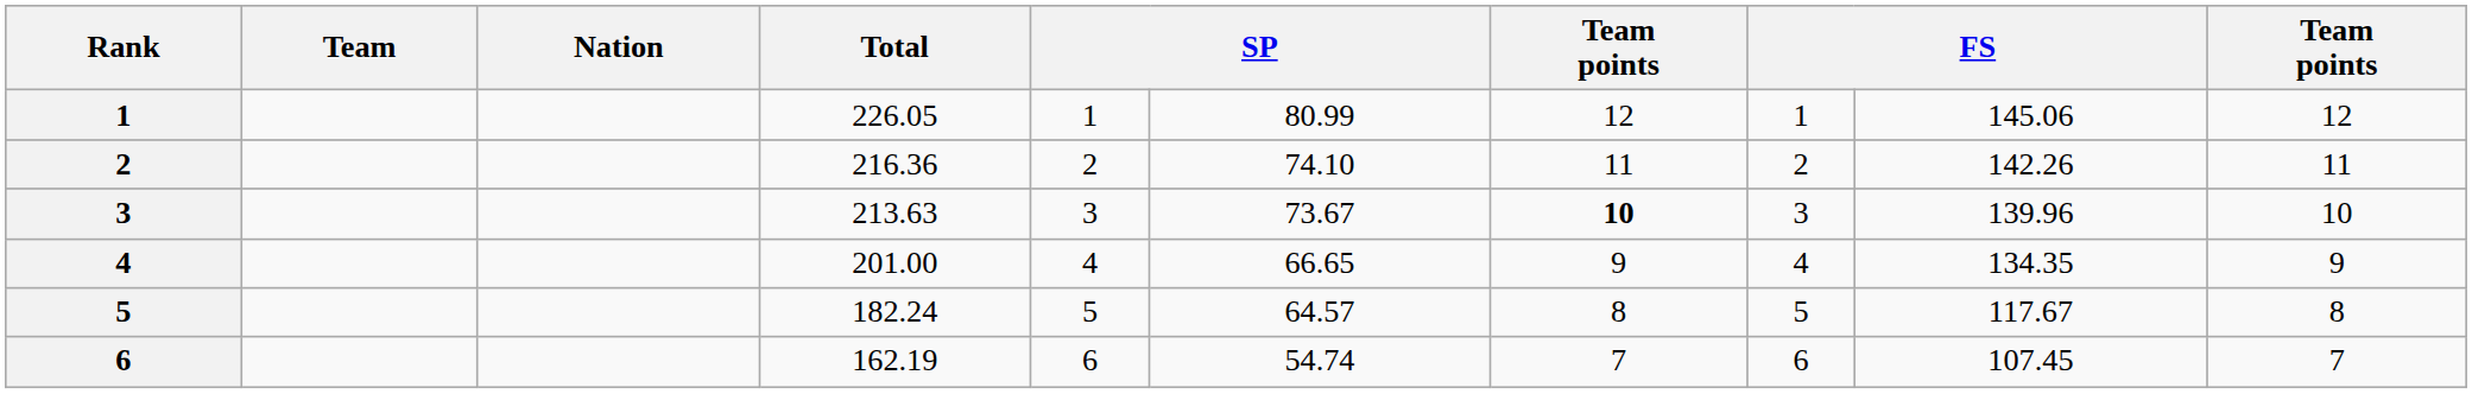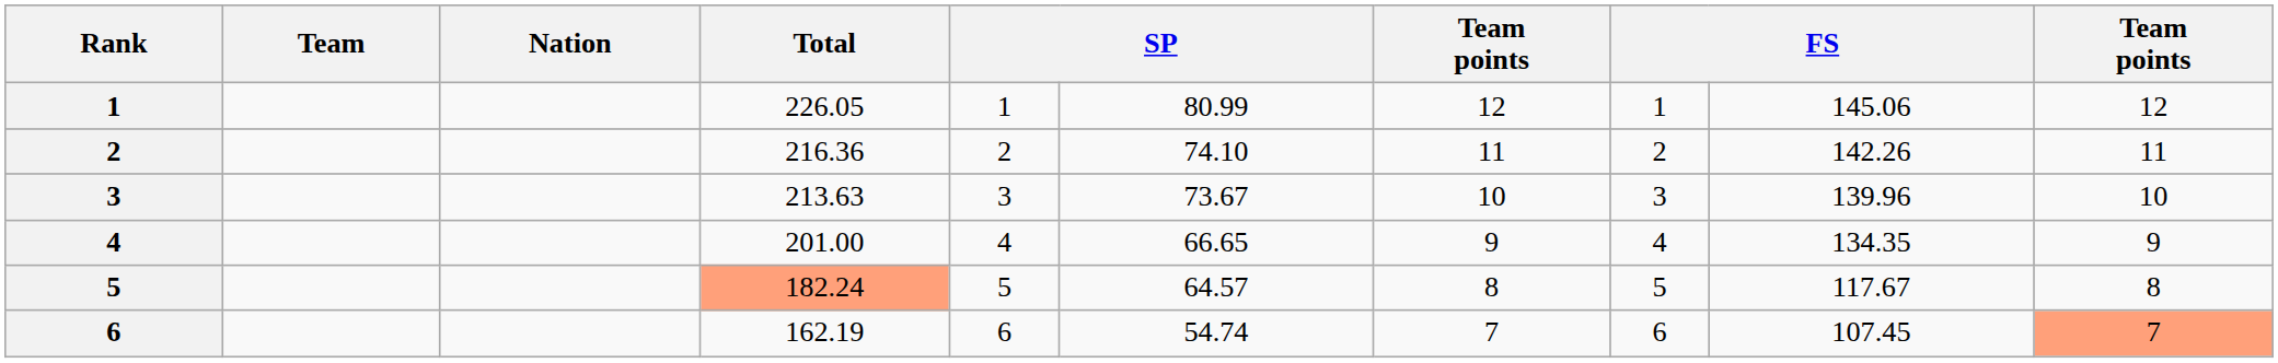 <table class="wikitable sortable" style="text-align:center; width:100%">
 <tr>
 <th scope="col">Rank</th>
 <th scope="col">Team</th>
 <th scope="col">Nation</th>
 <th scope="col">Total</th>
 <th scope="col" colspan="2" width="80px"><a href='#'>SP</a></th>
 <th scope="col">Team<br>points</th>
 <th scope="col" colspan="2" width="80px"><a href='#'>FS</a></th>
 <th scope="col">Team<br>points</th>
 </tr>
 <tr>
 <th scope="row">1</th>
 <td align="left"></td>
 <td align="left"></td>
 <td>226.05</td>
 <td>1</td>
 <td>80.99</td>
 <td>12</td>
 <td>1</td>
 <td>145.06</td>
 <td>12</td>
 </tr>
 <tr>
 <th scope="row">2</th>
 <td align="left"></td>
 <td align="left"></td>
 <td>216.36</td>
 <td>2</td>
 <td>74.10</td>
 <td>11</td>
 <td>2</td>
 <td>142.26</td>
 <td>11</td>
 </tr>
 <tr>
 <th scope="row">3</th>
 <td align="left"></td>
 <td align="left"></td>
 <td>213.63</td>
 <td>3</td>
 <td>73.67</td>
-<td><strong>10</strong></td>
+<td>10</td>
 <td>3</td>
 <td>139.96</td>
 <td>10</td>
 </tr>
 <tr>
 <th scope="row">4</th>
 <td align="left"></td>
 <td align="left"></td>
 <td>201.00</td>
 <td>4</td>
 <td>66.65</td>
 <td>9</td>
 <td>4</td>
 <td>134.35</td>
 <td>9</td>
 </tr>
 <tr>
 <th scope="row">5</th>
 <td align="left"></td>
 <td align="left"></td>
-<td>182.24</td>
+<td style="background: lightsalmon;">182.24</td>
 <td>5</td>
 <td>64.57</td>
 <td>8</td>
 <td>5</td>
 <td>117.67</td>
 <td>8</td>
 </tr>
 <tr>
 <th scope="row">6</th>
 <td align="left"></td>
 <td align="left"></td>
 <td>162.19</td>
 <td>6</td>
 <td>54.74</td>
 <td>7</td>
 <td>6</td>
 <td>107.45</td>
-<td>7</td>
+<td style="background: lightsalmon;">7</td>
 </tr>
 </table>
